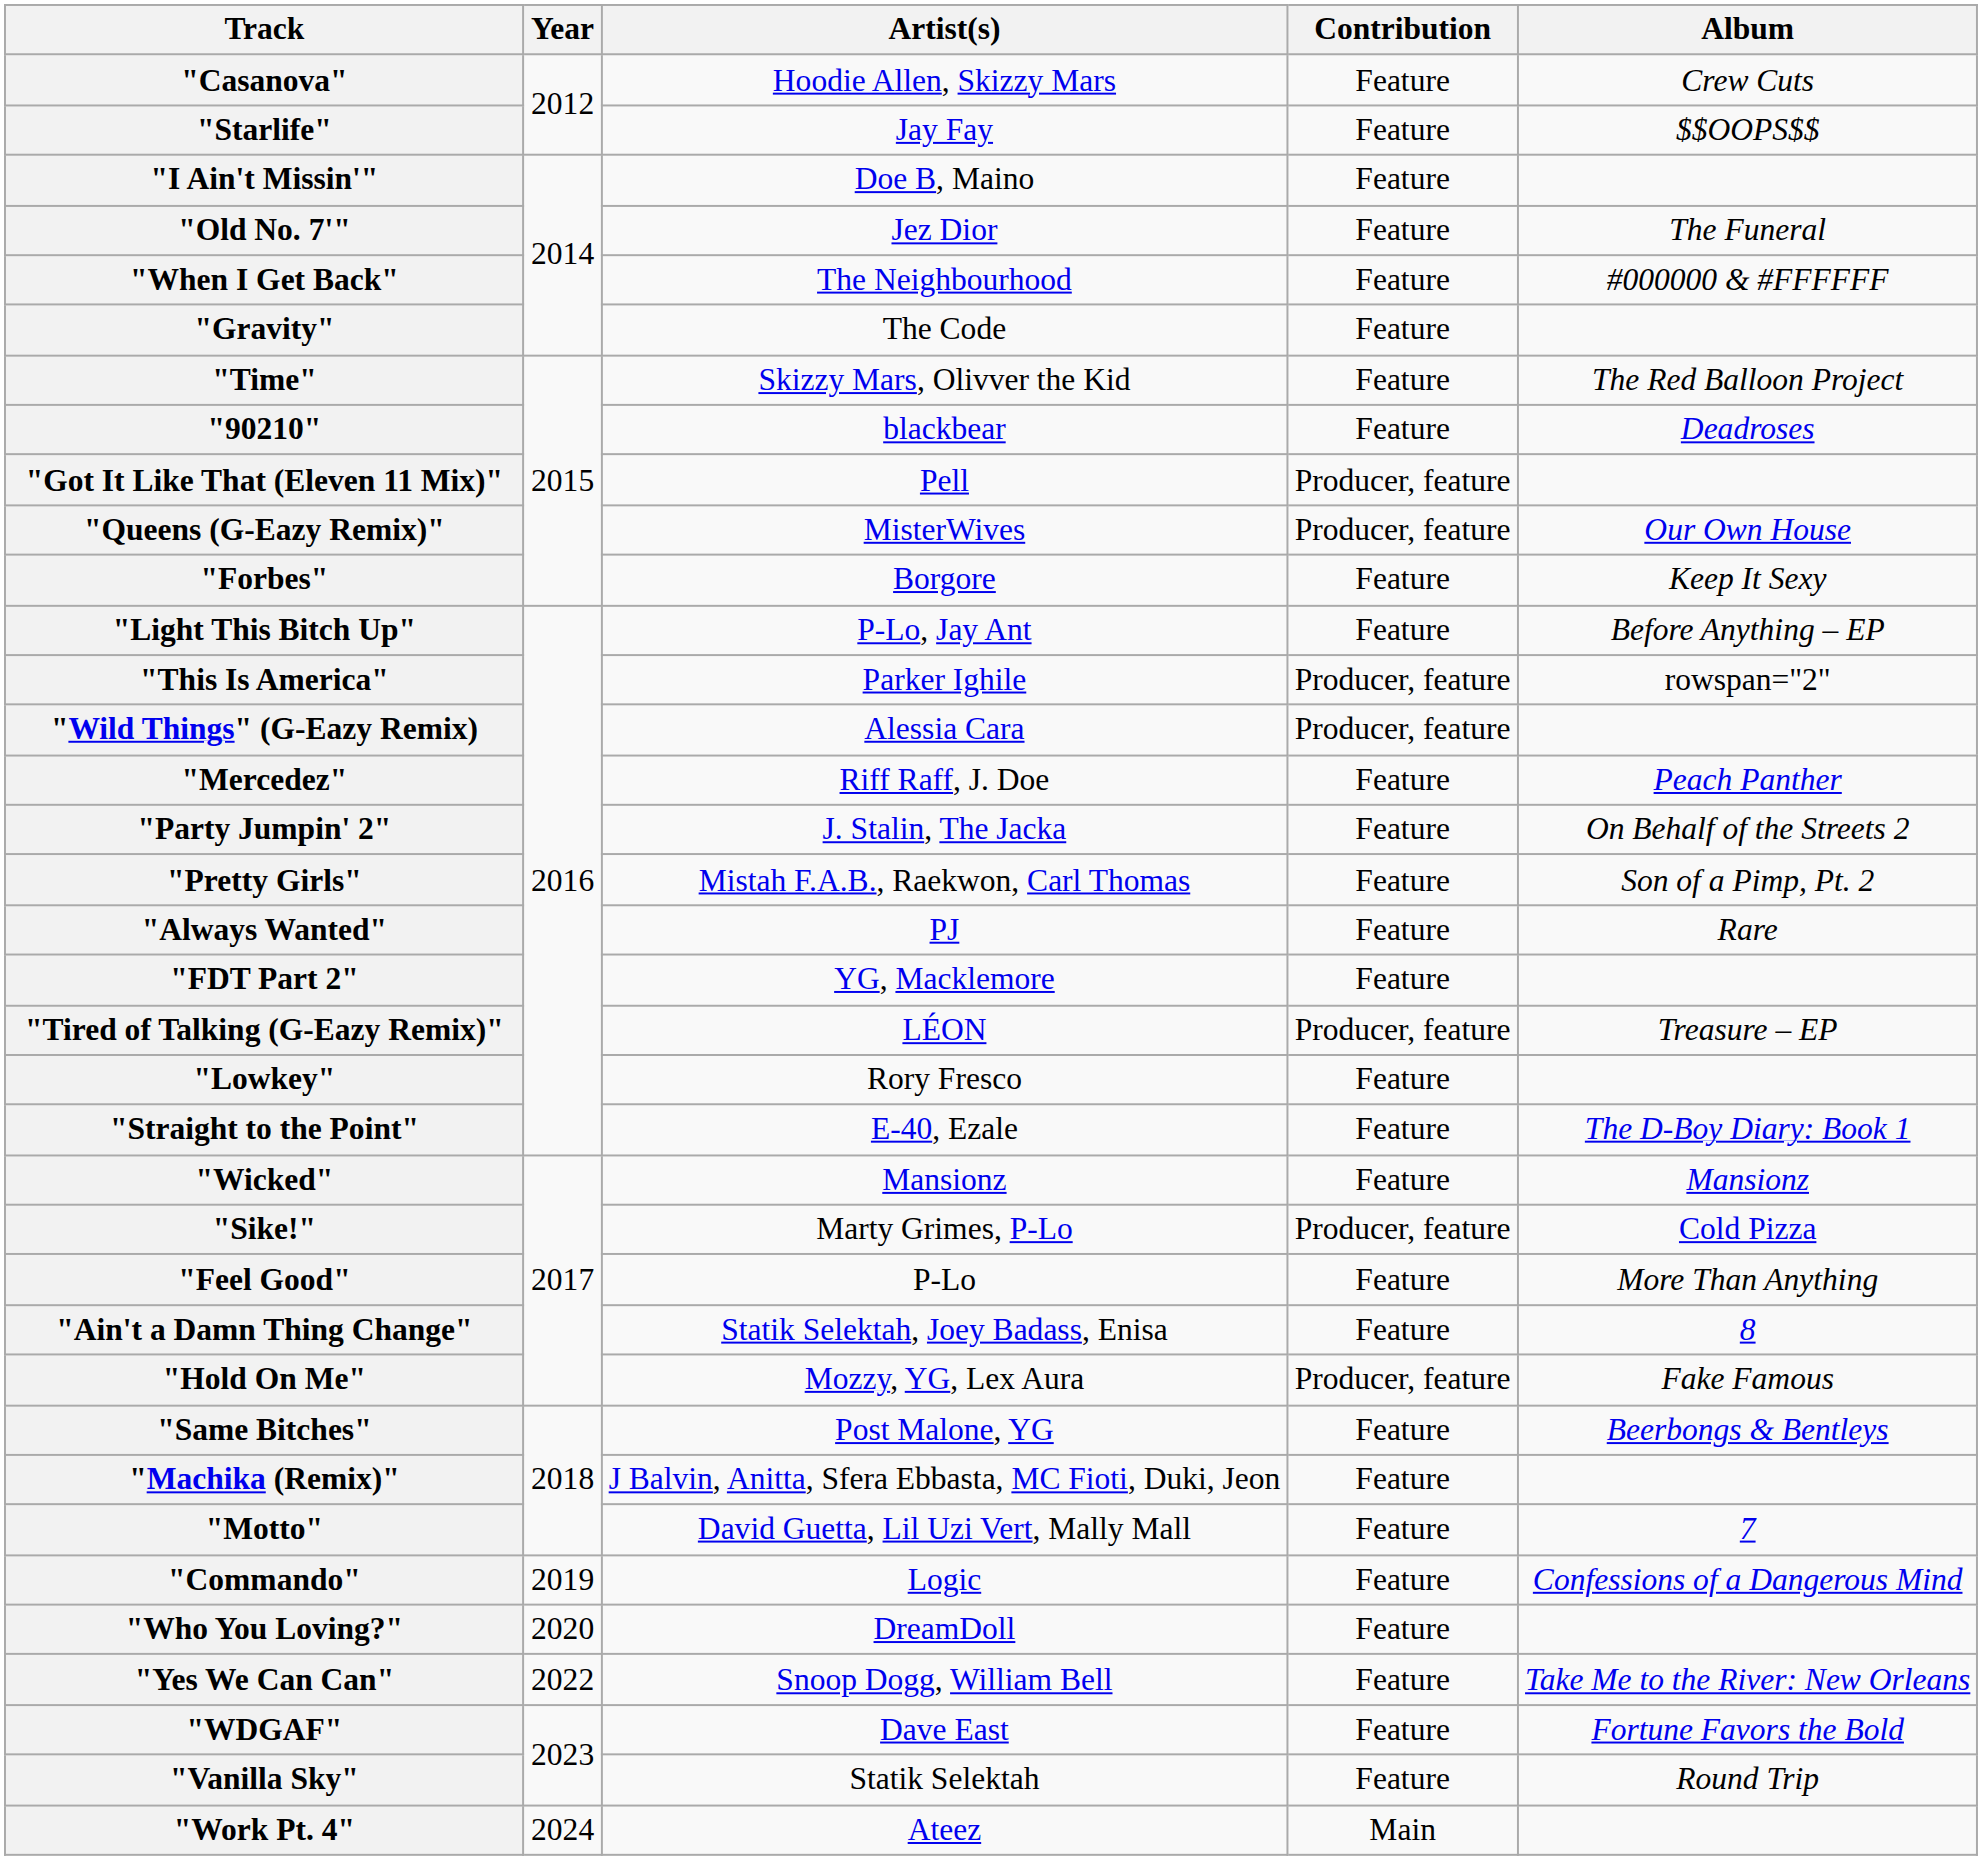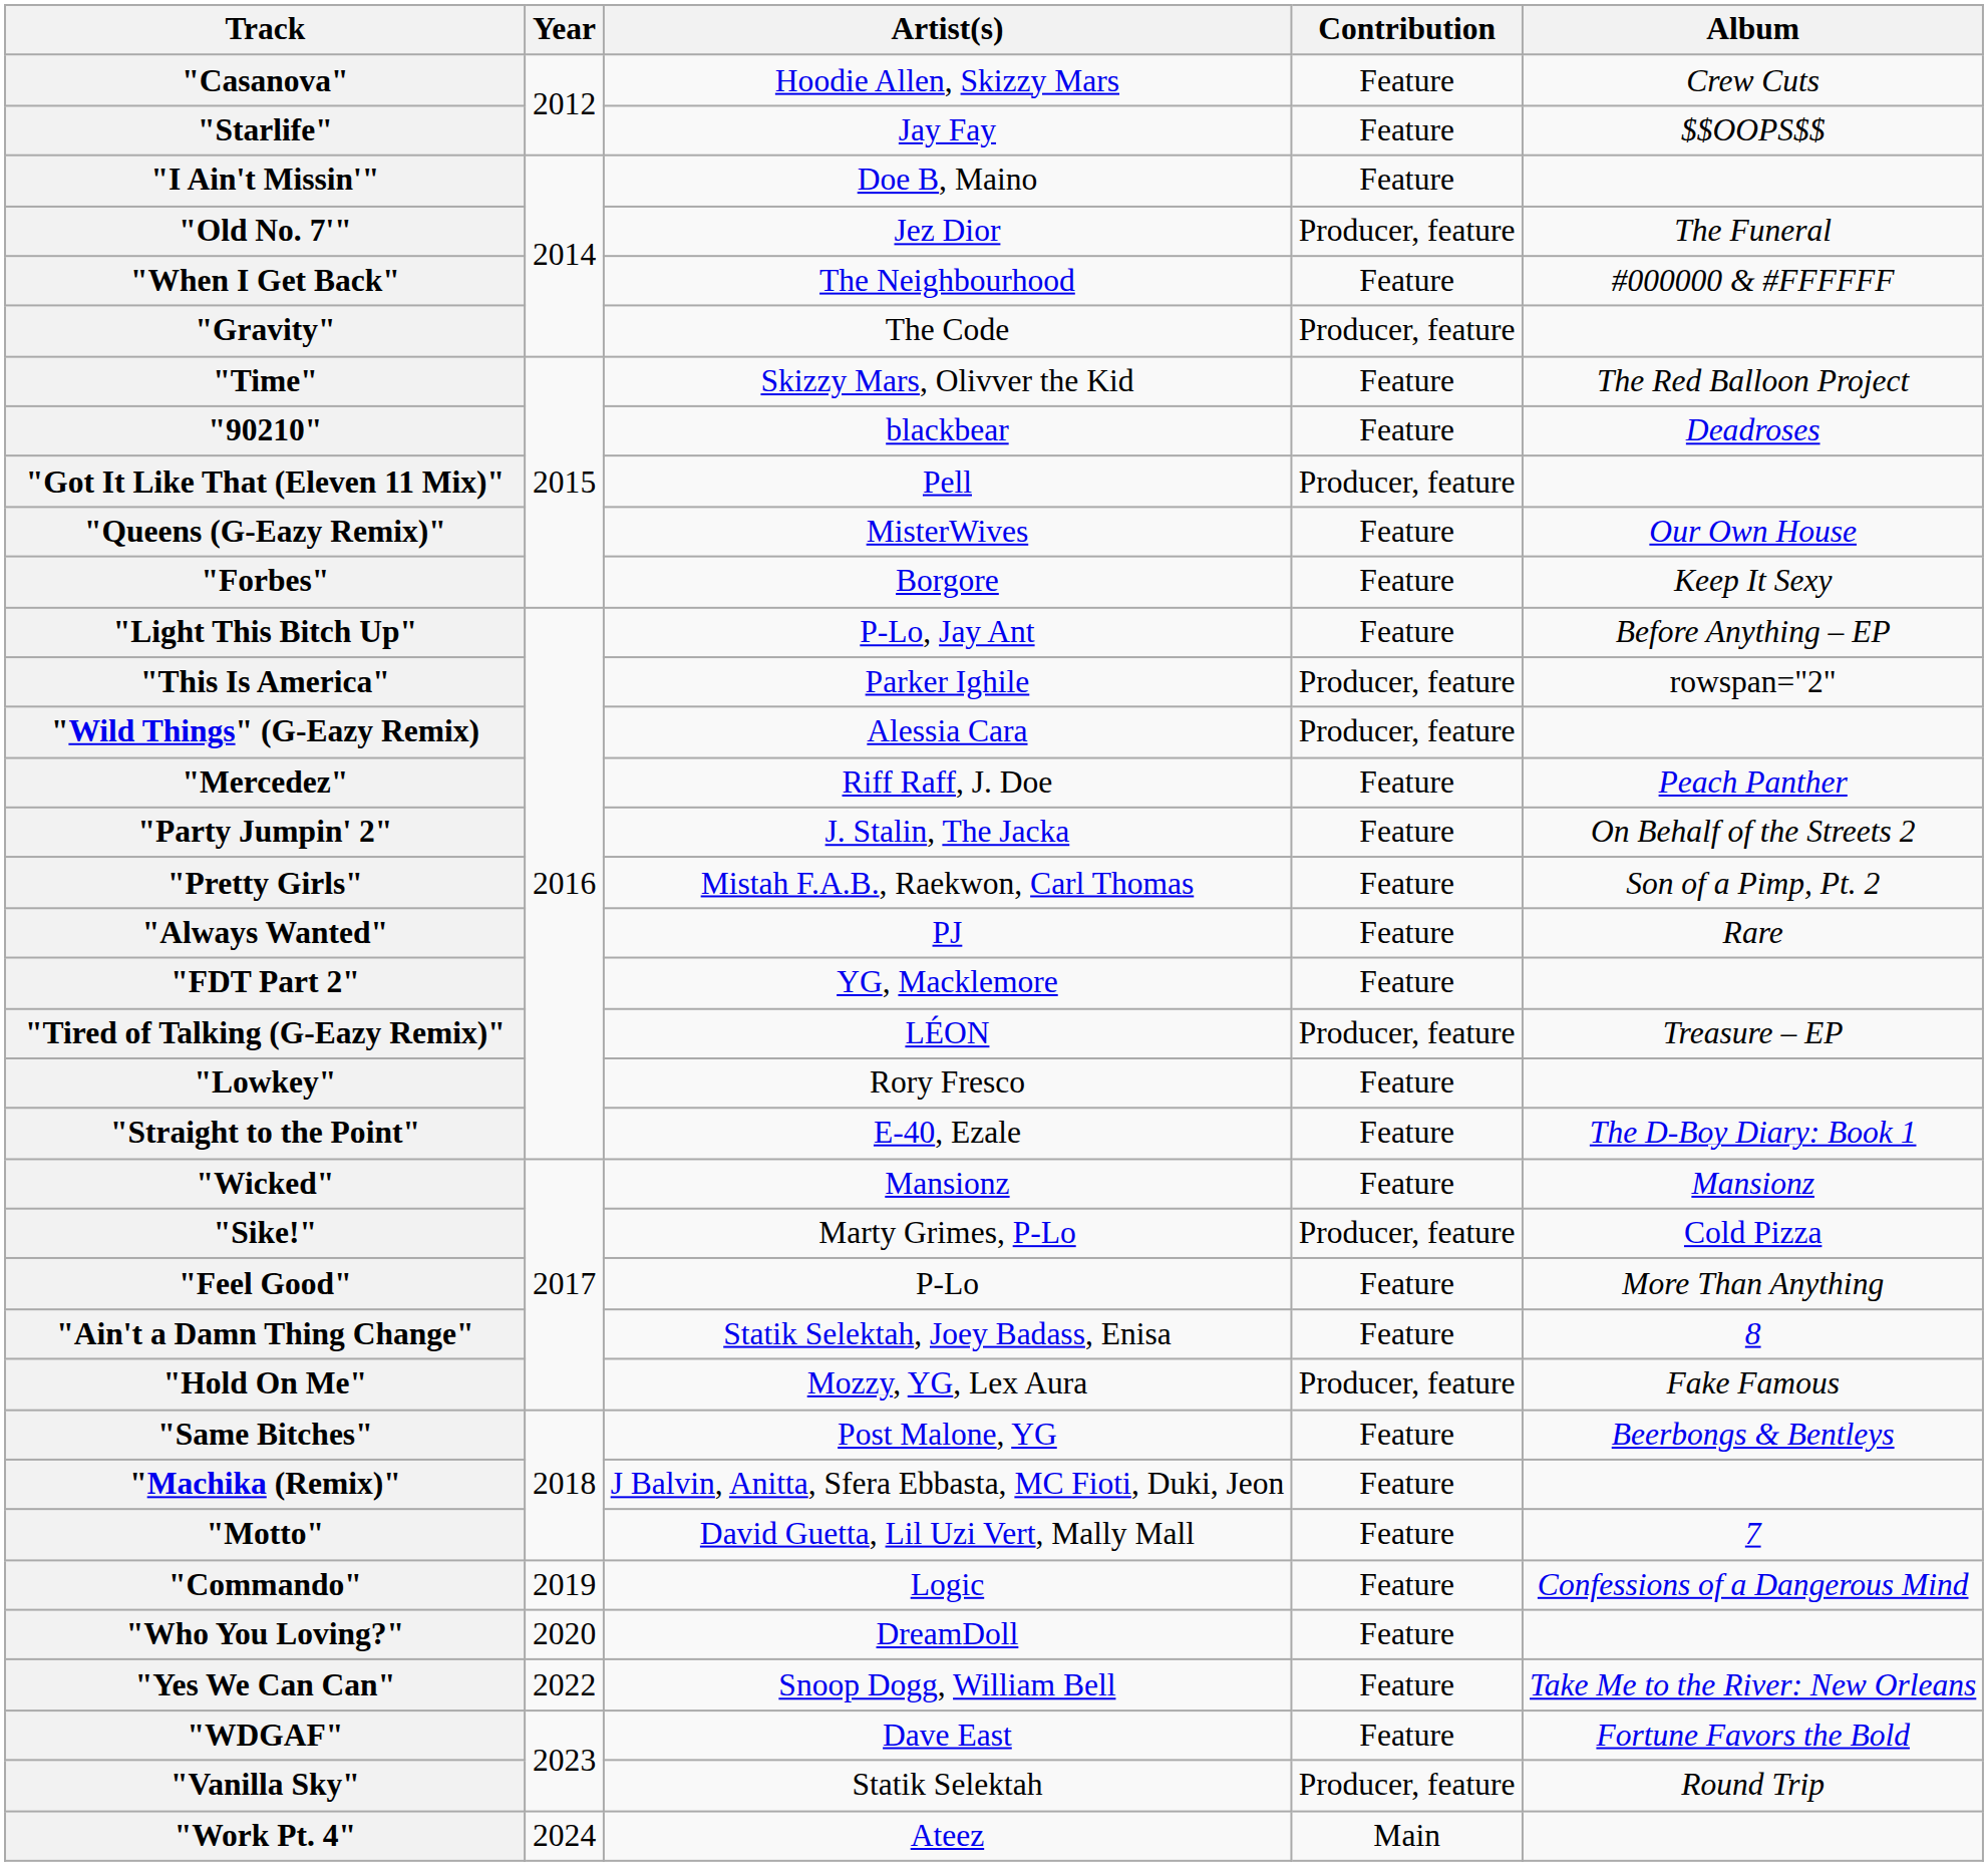 <table class="wikitable plainrowheaders" style="text-align:center;">
 <tr>
 <th scope="col" style="width:16em;">Track</th>
 <th scope="col">Year</th>
 <th scope="col">Artist(s)</th>
 <th scope="col">Contribution</th>
 <th scope="col">Album</th>
 </tr>
 <tr>
 <th scope="row">"Casanova"</th>
 <td rowspan="2">2012</td>
 <td><a href='#'>Hoodie Allen</a>, <a href='#'>Skizzy Mars</a></td>
 <td>Feature</td>
 <td><em>Crew Cuts</em></td>
 </tr>
 <tr>
 <th scope="row">"Starlife"</th>
 <td><a href='#'>Jay Fay</a></td>
 <td>Feature</td>
 <td><em>$$OOPS$$</em></td>
 </tr>
 <tr>
 <th scope="row">"I Ain't Missin'"</th>
 <td rowspan="4">2014</td>
 <td><a href='#'>Doe B</a>, Maino</td>
 <td>Feature</td>
 <td></td>
 </tr>
 <tr>
 <th scope="row">"Old No. 7'"</th>
 <td><a href='#'>Jez Dior</a></td>
-<td>Feature</td>
+<td>Producer, feature</td>
 <td><em>The Funeral</em></td>
 </tr>
 <tr>
 <th scope="row">"When I Get Back"</th>
 <td><a href='#'>The Neighbourhood</a></td>
 <td>Feature</td>
 <td><em>#000000 & #FFFFFF</em></td>
 </tr>
 <tr>
 <th scope="row">"Gravity"</th>
 <td>The Code</td>
-<td>Feature</td>
+<td>Producer, feature</td>
 <td></td>
 </tr>
 <tr>
 <th scope="row">"Time"</th>
 <td rowspan="5">2015</td>
 <td><a href='#'>Skizzy Mars</a>, Olivver the Kid</td>
 <td>Feature</td>
 <td><em>The Red Balloon Project</em></td>
 </tr>
 <tr>
 <th scope="row">"90210"</th>
 <td><a href='#'>blackbear</a></td>
 <td>Feature</td>
 <td><em><a href='#'>Deadroses</a></em></td>
 </tr>
 <tr>
 <th scope="row">"Got It Like That (Eleven 11 Mix)"</th>
 <td><a href='#'>Pell</a></td>
 <td>Producer, feature</td>
 <td></td>
 </tr>
 <tr>
 <th scope="row">"Queens (G-Eazy Remix)"</th>
 <td><a href='#'>MisterWives</a></td>
-<td>Producer, feature</td>
+<td>Feature</td>
 <td><em><a href='#'>Our Own House</a></em></td>
 </tr>
 <tr>
 <th scope="row">"Forbes"</th>
 <td><a href='#'>Borgore</a></td>
 <td>Feature</td>
 <td><em>Keep It Sexy</em></td>
 </tr>
 <tr>
 <th scope="row">"Light This Bitch Up"</th>
 <td rowspan="11">2016</td>
 <td><a href='#'>P-Lo</a>, <a href='#'>Jay Ant</a></td>
 <td>Feature</td>
 <td><em>Before Anything – EP</em></td>
 </tr>
 <tr>
 <th scope="row">"This Is America"</th>
 <td><a href='#'>Parker Ighile</a></td>
 <td>Producer, feature</td>
 <td>rowspan="2" </td>
 </tr>
 <tr>
 <th scope="row">"<a href='#'>Wild Things</a>" (G-Eazy Remix)</th>
 <td><a href='#'>Alessia Cara</a></td>
 <td>Producer, feature</td>
 </tr>
 <tr>
 <th scope="row">"Mercedez"</th>
 <td><a href='#'>Riff Raff</a>, J. Doe</td>
 <td>Feature</td>
 <td><em><a href='#'>Peach Panther</a></em></td>
 </tr>
 <tr>
 <th scope="row">"Party Jumpin' 2"</th>
 <td><a href='#'>J. Stalin</a>, <a href='#'>The Jacka</a></td>
 <td>Feature</td>
 <td><em>On Behalf of the Streets 2</em></td>
 </tr>
 <tr>
 <th scope="row">"Pretty Girls"</th>
 <td><a href='#'>Mistah F.A.B.</a>, Raekwon, <a href='#'>Carl Thomas</a></td>
 <td>Feature</td>
 <td><em>Son of a Pimp, Pt. 2</em></td>
 </tr>
 <tr>
 <th scope="row">"Always Wanted"</th>
 <td><a href='#'>PJ</a></td>
 <td>Feature</td>
 <td><em>Rare</em></td>
 </tr>
 <tr>
 <th scope="row">"FDT Part 2"</th>
 <td><a href='#'>YG</a>, <a href='#'>Macklemore</a></td>
 <td>Feature</td>
 <td></td>
 </tr>
 <tr>
 <th scope="row">"Tired of Talking (G-Eazy Remix)"</th>
 <td><a href='#'>LÉON</a></td>
 <td>Producer, feature</td>
 <td><em>Treasure – EP</em></td>
 </tr>
 <tr>
 <th scope="row">"Lowkey"</th>
 <td>Rory Fresco</td>
 <td>Feature</td>
 <td></td>
 </tr>
 <tr>
 <th scope= "row">"Straight to the Point"</th>
 <td><a href='#'>E-40</a>, Ezale</td>
 <td>Feature</td>
 <td><em><a href='#'>The D-Boy Diary: Book 1</a></em></td>
 </tr>
 <tr>
 <th scope="row">"Wicked"</th>
 <td rowspan="5">2017</td>
 <td><a href='#'>Mansionz</a></td>
 <td>Feature</td>
 <td><em><a href='#'>Mansionz</a></em></td>
 </tr>
 <tr>
 <th scope="row">"Sike!"</th>
 <td>Marty Grimes, <a href='#'>P-Lo</a></td>
 <td>Producer, feature</td>
 <td><a href='#'>Cold Pizza</a></td>
 </tr>
 <tr>
 <th scope="row">"Feel Good"</th>
 <td>P-Lo</td>
 <td>Feature</td>
 <td><em>More Than Anything</em></td>
 </tr>
 <tr>
 <th scope="row">"Ain't a Damn Thing Change"</th>
 <td><a href='#'>Statik Selektah</a>, <a href='#'>Joey Badass</a>, Enisa</td>
 <td>Feature</td>
 <td><em><a href='#'>8</a></em></td>
 </tr>
 <tr>
 <th scope="row">"Hold On Me"</th>
 <td><a href='#'>Mozzy</a>, <a href='#'>YG</a>, Lex Aura</td>
 <td>Producer, feature</td>
 <td><em>Fake Famous</em></td>
 </tr>
 <tr>
 <th scope="row">"Same Bitches"</th>
 <td rowspan=3>2018</td>
 <td><a href='#'>Post Malone</a>, <a href='#'>YG</a></td>
 <td>Feature</td>
 <td><em><a href='#'>Beerbongs & Bentleys</a></em></td>
 </tr>
 <tr>
 <th scope="row">"<a href='#'>Machika</a> (Remix)"</th>
 <td><a href='#'>J Balvin</a>, <a href='#'>Anitta</a>, Sfera Ebbasta, <a href='#'>MC Fioti</a>, Duki, Jeon</td>
 <td>Feature</td>
 <td></td>
 </tr>
 <tr>
 <th scope="row">"Motto"</th>
 <td><a href='#'>David Guetta</a>, <a href='#'>Lil Uzi Vert</a>, Mally Mall</td>
 <td>Feature</td>
 <td><em><a href='#'>7</a></em></td>
 </tr>
 <tr>
 <th scope="row">"Commando"</th>
 <td>2019</td>
 <td><a href='#'>Logic</a></td>
 <td>Feature</td>
 <td><em><a href='#'>Confessions of a Dangerous Mind</a></em></td>
 </tr>
 <tr>
 <th scope="row">"Who You Loving?"</th>
 <td>2020</td>
 <td><a href='#'>DreamDoll</a></td>
 <td>Feature</td>
 <td></td>
 </tr>
 <tr>
 <th scope="row">"Yes We Can Can"</th>
 <td>2022</td>
 <td><a href='#'>Snoop Dogg</a>, <a href='#'>William Bell</a></td>
 <td>Feature</td>
 <td><em><a href='#'>Take Me to the River: New Orleans</a></em></td>
 </tr>
 <tr>
 <th scope="row">"WDGAF"</th>
 <td rowspan="2">2023</td>
 <td><a href='#'>Dave East</a></td>
 <td>Feature</td>
 <td><em><a href='#'>Fortune Favors the Bold</a></em></td>
 </tr>
 <tr>
 <th scope="row">"Vanilla Sky"</th>
 <td>Statik Selektah</td>
-<td>Feature</td>
+<td>Producer, feature</td>
 <td><em>Round Trip</em></td>
 </tr>
 <tr>
 <th scope="row">"Work Pt. 4"</th>
 <td>2024</td>
 <td><a href='#'>Ateez</a></td>
 <td>Main</td>
 <td></td>
 </tr>
 </table>
